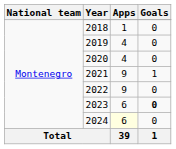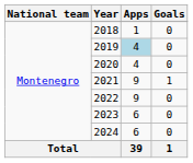 <table class="wikitable" style="text-align:center">
 <tr>
 <th>National team</th>
 <th>Year</th>
 <th>Apps</th>
 <th>Goals</th>
 </tr>
 <tr>
 <td rowspan="8"><a href='#'>Montenegro</a></td>
 </tr>
 <tr>
 <td>2018</td>
 <td>1</td>
 <td>0</td>
 </tr>
 <tr>
 <td>2019</td>
-<td>4</td>
+<td style="background: lightblue;">4</td>
 <td>0</td>
 </tr>
 <tr>
 <td>2020</td>
 <td>4</td>
 <td>0</td>
 </tr>
 <tr>
 <td>2021</td>
 <td>9</td>
 <td>1</td>
 </tr>
 <tr>
 <td>2022</td>
 <td>9</td>
 <td>0</td>
 </tr>
 <tr>
 <td>2023</td>
 <td>6</td>
-<td><strong>0</strong></td>
+<td>0</td>
 </tr>
 <tr>
 <td>2024</td>
-<td style="background: lightyellow;">6</td>
+<td>6</td>
 <td>0</td>
 </tr>
 <tr>
 <th colspan=2>Total</th>
 <th>39</th>
 <th>1</th>
 </tr>
 </table>
